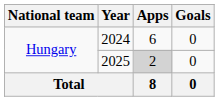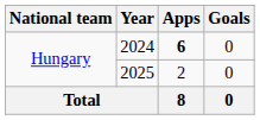 <table class="wikitable" style="text-align:center">
 <tr>
 <th>National team</th>
 <th>Year</th>
 <th>Apps</th>
 <th>Goals</th>
 </tr>
 <tr>
 <td rowspan="2"><a href='#'>Hungary</a></td>
 <td>2024</td>
-<td>6</td>
+<td><strong>6</strong></td>
 <td>0</td>
 </tr>
 <tr>
 <td>2025</td>
-<td style="background: lightgrey;">2</td>
+<td>2</td>
 <td>0</td>
 </tr>
 <tr>
 <th colspan="2">Total</th>
 <th>8</th>
 <th>0</th>
 </tr>
 </table>
